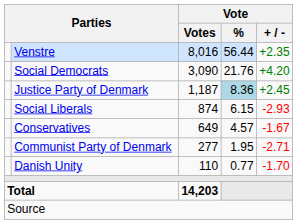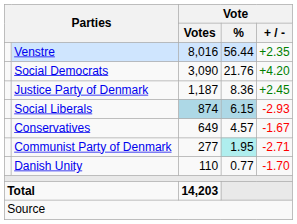 <table class="wikitable" style="text-align:right;">
 <tr>
 <th style="text-align:centre;" rowspan="2" colspan="2" width="225">Parties</th>
 <th colspan="3">Vote</th>
 </tr>
 <tr>
 <th width="15">Votes</th>
 <th width="15">%</th>
 <th width="15">+ / -</th>
 </tr>
 <tr>
 <td width="2" style="color:inherit;background:"></td>
 <td bgcolor=#cfe5fe  align="left"><a href='#'>Venstre</a></td>
 <td bgcolor=#cfe5fe>8,016</td>
 <td bgcolor=#cfe5fe>56.44</td>
 <td style=color:green;>+2.35</td>
 </tr>
 <tr>
 <td width="2" style="color:inherit;background:"></td>
 <td align="left"><a href='#'>Social Democrats</a></td>
 <td>3,090</td>
 <td>21.76</td>
 <td style=color:green;>+4.20</td>
 </tr>
 <tr>
 <td width="2" style="color:inherit;background:"></td>
 <td align="left"><a href='#'>Justice Party of Denmark</a></td>
 <td>1,187</td>
-<td style="background: lightblue;">8.36</td>
+<td>8.36</td>
 <td style=color:green;>+2.45</td>
 </tr>
 <tr>
 <td width="2" style="color:inherit;background:"></td>
 <td align="left"><a href='#'>Social Liberals</a></td>
-<td>874</td>
-<td>6.15</td>
+<td style="background: lightblue;">874</td>
+<td style="background: lightblue;">6.15</td>
 <td style=color:red;>-2.93</td>
 </tr>
 <tr>
 <td width="2" style="color:inherit;background:"></td>
 <td align="left"><a href='#'>Conservatives</a></td>
 <td>649</td>
 <td>4.57</td>
 <td style=color:red;>-1.67</td>
 </tr>
 <tr>
 <td width="2" style="color:inherit;background:"></td>
 <td align="left"><a href='#'>Communist Party of Denmark</a></td>
 <td>277</td>
-<td>1.95</td>
+<td style="background: paleturquoise;">1.95</td>
 <td style=color:red;>-2.71</td>
 </tr>
 <tr>
 <td width="2" style="color:inherit;background:"></td>
 <td align="left"><a href='#'>Danish Unity</a></td>
 <td>110</td>
 <td>0.77</td>
 <td style=color:red;>-1.70</td>
 </tr>
 <tr>
 <td colspan="7" bgcolor="#E9E9E9"></td>
 </tr>
 <tr>
 <td align="left" colspan="2"><strong>Total</strong></td>
 <td><strong>14,203</strong></td>
 <td bgcolor="#E9E9E9" colspan="2"></td>
 </tr>
 <tr>
 <td align="left" colspan="6">Source</td>
 </tr>
 </table>
